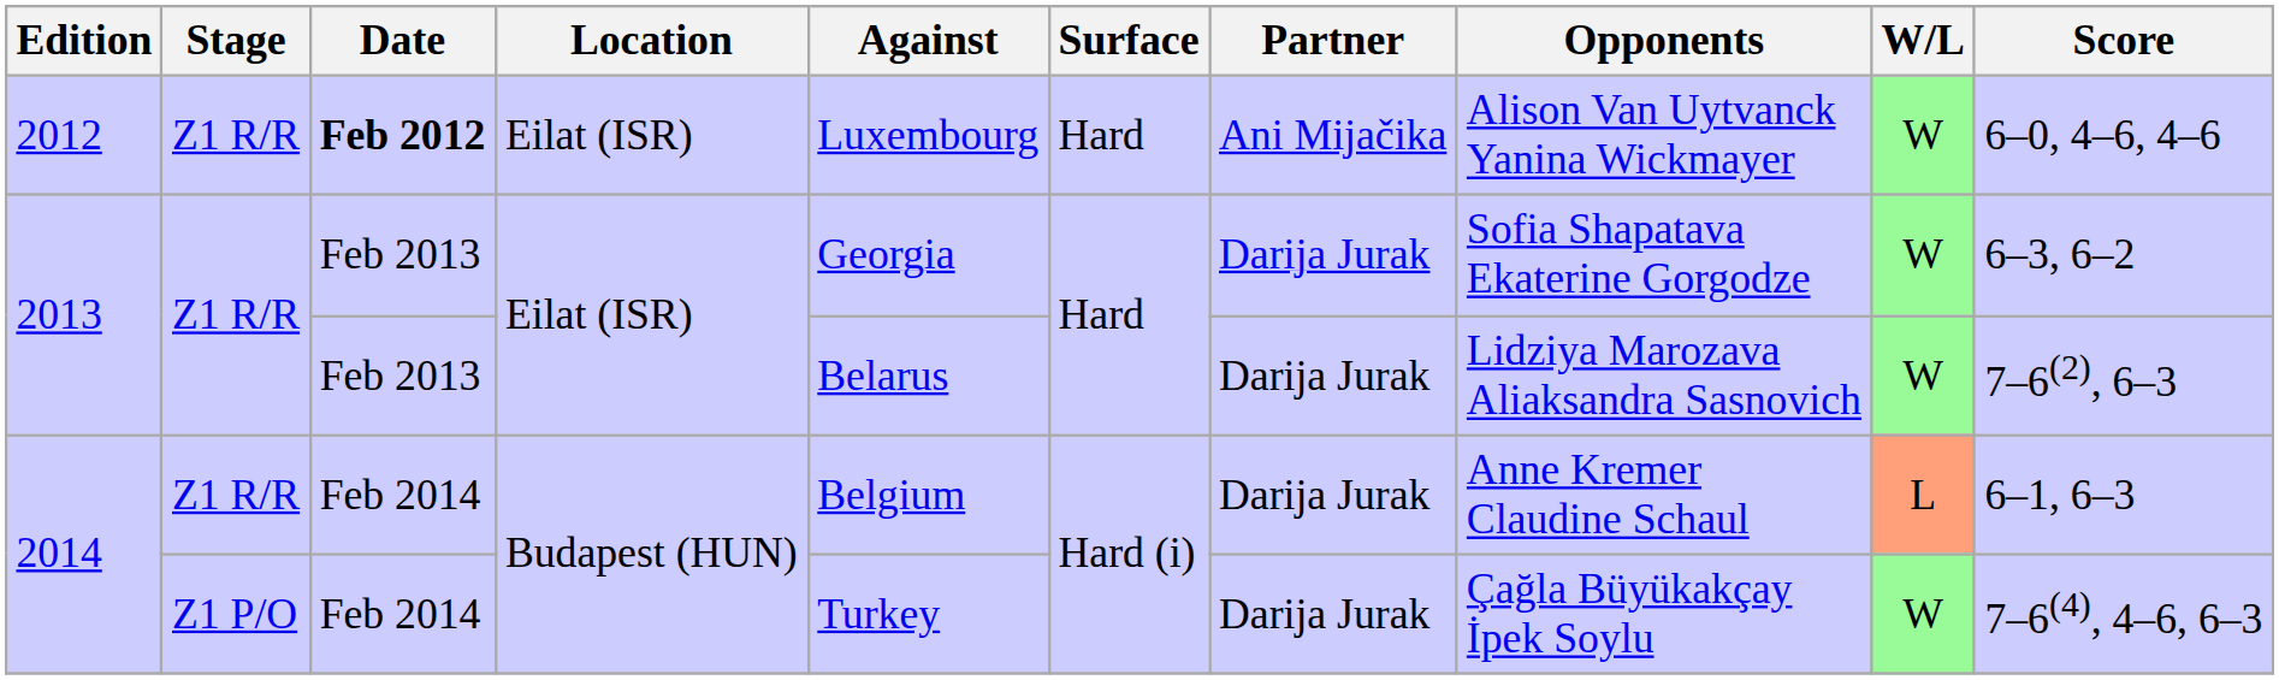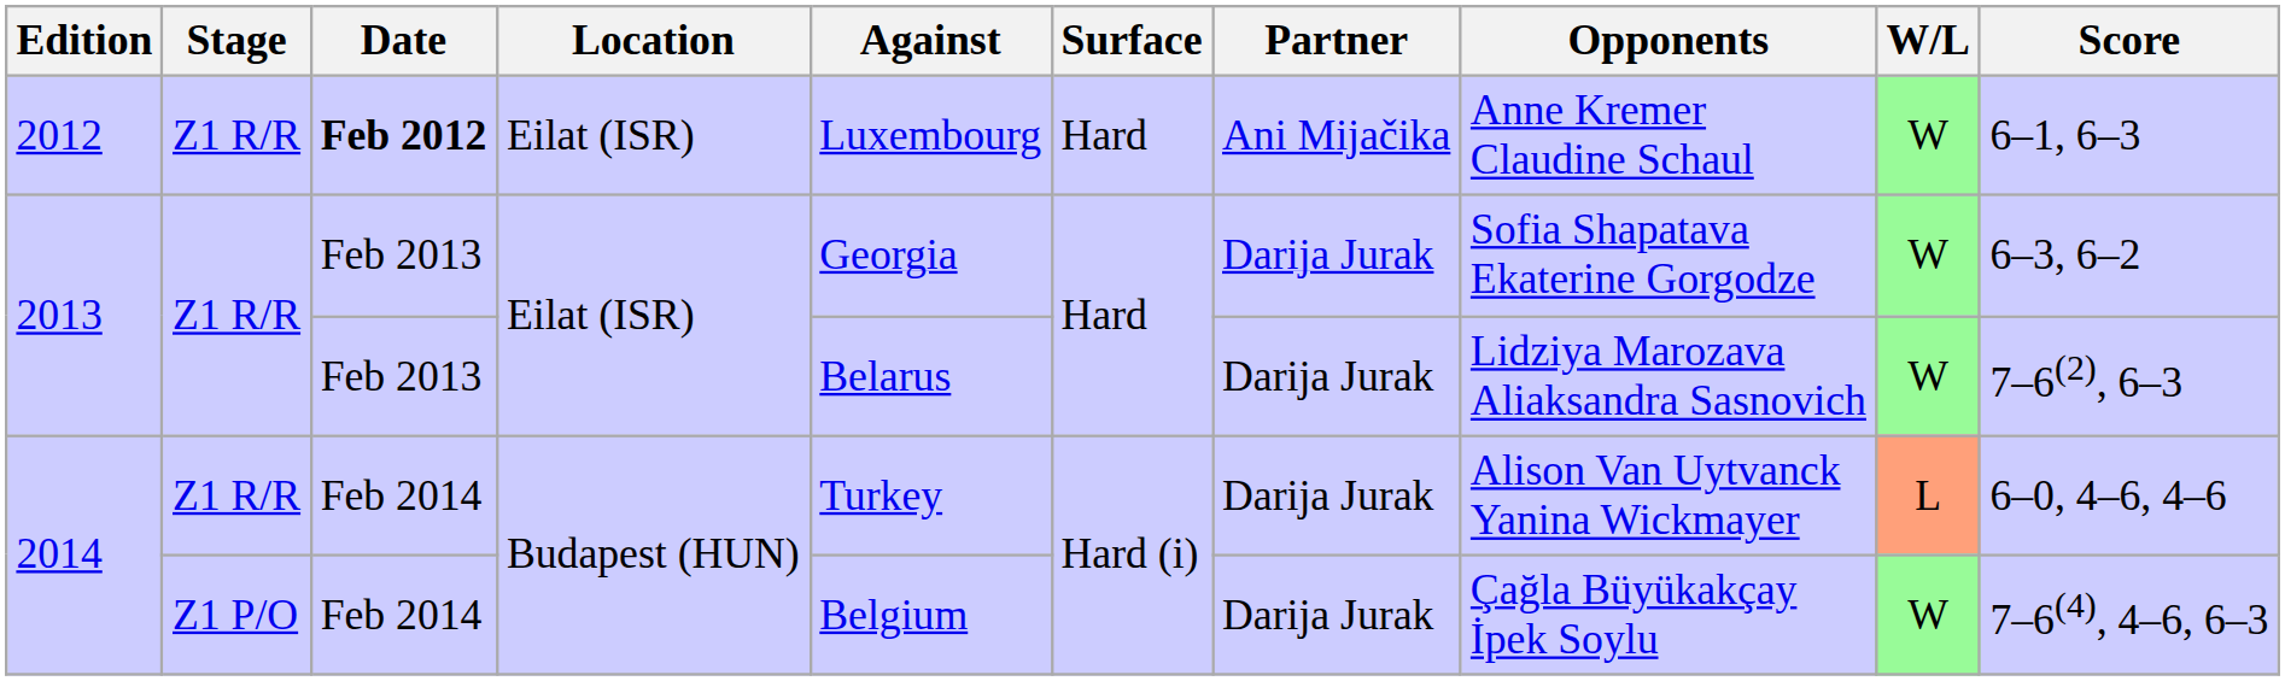 <table class=wikitable style=font-size:97%>
 <tr>
 <th>Edition</th>
 <th>Stage</th>
 <th>Date</th>
 <th>Location</th>
 <th>Against</th>
 <th>Surface</th>
 <th>Partner</th>
 <th>Opponents</th>
 <th>W/L</th>
 <th class="unsortable">Score</th>
 </tr>
 <tr style="background:#ccf;">
 <td rowspan="1"><a href='#'>2012</a></td>
 <td rowspan="1"><a href='#'>Z1 R/R</a></td>
 <td><strong>Feb 2012</strong></td>
 <td rowspan="1">Eilat (ISR)</td>
 <td> <a href='#'>Luxembourg</a></td>
 <td rowspan="1">Hard</td>
 <td><a href='#'>Ani Mijačika</a></td>
-<td><a href='#'>Alison Van Uytvanck</a><br> <a href='#'>Yanina Wickmayer</a></td>
+<td><a href='#'>Anne Kremer</a><br> <a href='#'>Claudine Schaul</a></td>
 <td style="text-align:center; background:#98fb98;">W</td>
-<td>6–0, 4–6, 4–6</td>
+<td>6–1, 6–3</td>
 </tr>
 <tr style="background:#ccf;">
 <td rowspan="2"><a href='#'>2013</a></td>
 <td rowspan="2"><a href='#'>Z1 R/R</a></td>
 <td>Feb 2013</td>
 <td rowspan="2">Eilat (ISR)</td>
 <td> <a href='#'>Georgia</a></td>
 <td rowspan="2">Hard</td>
 <td><a href='#'>Darija Jurak</a></td>
 <td><a href='#'>Sofia Shapatava</a><br> <a href='#'>Ekaterine Gorgodze</a></td>
 <td style="text-align:center; background:#98fb98;">W</td>
 <td>6–3, 6–2</td>
 </tr>
 <tr style="background:#ccf;">
 <td>Feb 2013</td>
 <td> <a href='#'>Belarus</a></td>
 <td>Darija Jurak</td>
 <td><a href='#'>Lidziya Marozava</a><br> <a href='#'>Aliaksandra Sasnovich</a></td>
 <td style="text-align:center; background:#98fb98;">W</td>
 <td>7–6<sup>(2)</sup>, 6–3</td>
 </tr>
 <tr style="background:#ccf;">
 <td rowspan="2"><a href='#'>2014</a></td>
 <td rowspan="1"><a href='#'>Z1 R/R</a></td>
 <td>Feb 2014</td>
 <td rowspan="2">Budapest (HUN)</td>
-<td> <a href='#'>Belgium</a></td>
+<td> <a href='#'>Turkey</a></td>
 <td rowspan="2">Hard (i)</td>
 <td>Darija Jurak</td>
-<td><a href='#'>Anne Kremer</a><br> <a href='#'>Claudine Schaul</a></td>
+<td><a href='#'>Alison Van Uytvanck</a><br> <a href='#'>Yanina Wickmayer</a></td>
 <td style="text-align:center; background:#ffa07a;">L</td>
-<td>6–1, 6–3</td>
+<td>6–0, 4–6, 4–6</td>
 </tr>
 <tr style="background:#ccf;">
 <td rowspan="1"><a href='#'>Z1 P/O</a></td>
 <td>Feb 2014</td>
-<td> <a href='#'>Turkey</a></td>
+<td> <a href='#'>Belgium</a></td>
 <td>Darija Jurak</td>
 <td><a href='#'>Çağla Büyükakçay</a><br> <a href='#'>İpek Soylu</a></td>
 <td style="text-align:center; background:#98fb98;">W</td>
 <td>7–6<sup>(4)</sup>, 4–6, 6–3</td>
 </tr>
 </table>
